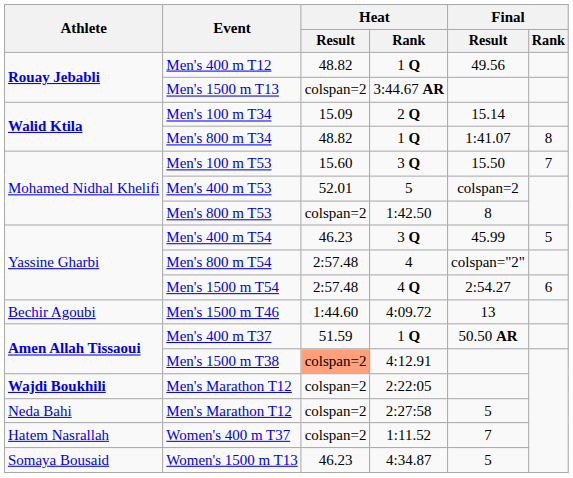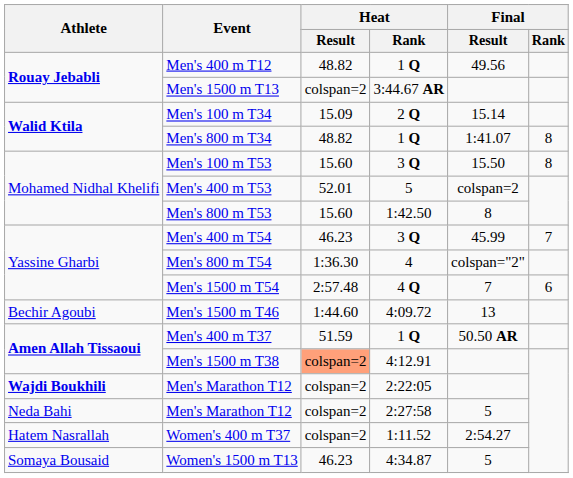 <table class="wikitable" style="font-size:90%">
 <tr>
 <th rowspan="2">Athlete</th>
 <th rowspan="2">Event</th>
 <th colspan="2">Heat</th>
 <th colspan="2">Final</th>
 </tr>
 <tr style="font-size:95%">
 <th>Result</th>
 <th>Rank</th>
 <th>Result</th>
 <th>Rank</th>
 </tr>
 <tr align=center>
 <td align=left rowspan=2><strong><a href='#'>Rouay Jebabli</a></strong></td>
 <td align=left><a href='#'>Men's 400 m T12</a></td>
 <td>48.82</td>
 <td>1 <strong>Q</strong></td>
 <td>49.56</td>
 <td></td>
 </tr>
 <tr align=center>
 <td align=left><a href='#'>Men's 1500 m T13</a></td>
 <td>colspan=2 </td>
 <td>3:44.67 <strong>AR</strong></td>
 <td></td>
 </tr>
 <tr align=center>
 <td align=left rowspan=2><strong><a href='#'>Walid Ktila</a></strong></td>
 <td align=left><a href='#'>Men's 100 m T34</a></td>
 <td>15.09</td>
 <td>2 <strong>Q</strong></td>
 <td>15.14</td>
 <td></td>
 </tr>
 <tr align=center>
 <td align=left><a href='#'>Men's 800 m T34</a></td>
 <td>48.82</td>
 <td>1 <strong>Q</strong></td>
 <td>1:41.07</td>
 <td>8</td>
 </tr>
 <tr align=center>
 <td align=left rowspan=3><a href='#'>Mohamed Nidhal Khelifi</a></td>
 <td align=left><a href='#'>Men's 100 m T53</a></td>
 <td>15.60</td>
 <td>3 <strong>Q</strong></td>
 <td>15.50</td>
-<td>7</td>
+<td>8</td>
 </tr>
 <tr align=center>
 <td align=left><a href='#'>Men's 400 m T53</a></td>
 <td>52.01</td>
 <td>5</td>
 <td>colspan=2 </td>
 </tr>
 <tr align=center>
 <td align=left><a href='#'>Men's 800 m T53</a></td>
-<td>colspan=2 </td>
+<td>15.60</td>
 <td>1:42.50</td>
 <td>8</td>
 </tr>
 <tr align=center>
 <td align=left rowspan=3><a href='#'>Yassine Gharbi</a></td>
 <td align=left><a href='#'>Men's 400 m T54</a></td>
 <td>46.23</td>
 <td>3 <strong>Q</strong></td>
 <td>45.99</td>
-<td>5</td>
+<td>7</td>
 </tr>
 <tr align=center>
 <td align=left><a href='#'>Men's 800 m T54</a></td>
-<td>2:57.48</td>
+<td>1:36.30</td>
 <td>4</td>
 <td>colspan="2" </td>
 </tr>
 <tr align=center>
 <td align=left><a href='#'>Men's 1500 m T54</a></td>
 <td>2:57.48</td>
 <td>4 <strong>Q</strong></td>
-<td>2:54.27</td>
+<td>7</td>
 <td>6</td>
 </tr>
 <tr align=center>
 <td align=left><a href='#'>Bechir Agoubi</a></td>
 <td align=left><a href='#'>Men's 1500 m T46</a></td>
 <td>1:44.60</td>
 <td>4:09.72</td>
 <td>13</td>
 </tr>
 <tr align=center>
 <td align=left rowspan=2><strong><a href='#'>Amen Allah Tissaoui</a></strong></td>
 <td align=left><a href='#'>Men's 400 m T37</a></td>
 <td>51.59</td>
 <td>1 <strong>Q</strong></td>
 <td>50.50 <strong>AR</strong></td>
 <td></td>
 </tr>
 <tr align=center>
 <td align=left><a href='#'>Men's 1500 m T38</a></td>
 <td style="background: lightsalmon;">colspan=2 </td>
 <td>4:12.91</td>
 <td></td>
 </tr>
 <tr align=center>
 <td align=left><strong><a href='#'>Wajdi Boukhili</a></strong></td>
 <td align=left><a href='#'>Men's Marathon T12</a></td>
 <td>colspan=2 </td>
 <td>2:22:05</td>
 <td></td>
 </tr>
 <tr align=center>
 <td align=left><a href='#'>Neda Bahi</a></td>
 <td align=left><a href='#'>Men's Marathon T12</a></td>
 <td>colspan=2 </td>
 <td>2:27:58</td>
 <td>5</td>
 </tr>
 <tr align=center>
 <td align=left><a href='#'>Hatem Nasrallah</a></td>
 <td align=left><a href='#'>Women's 400 m T37</a></td>
 <td>colspan=2 </td>
 <td>1:11.52</td>
-<td>7</td>
+<td>2:54.27</td>
 </tr>
 <tr align=center>
 <td align=left><a href='#'>Somaya Bousaid</a></td>
 <td align=left><a href='#'>Women's 1500 m T13</a></td>
 <td>46.23</td>
 <td>4:34.87</td>
 <td>5</td>
 </tr>
 </table>
